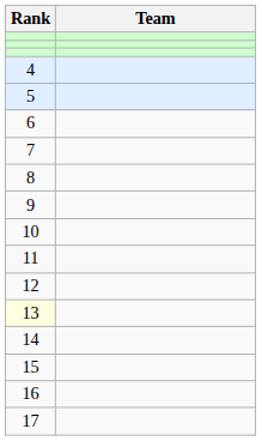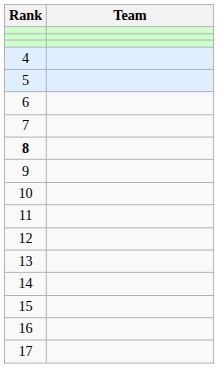 <table class="wikitable" style="text-align:center">
 <tr>
 <th width=40>Rank</th>
 <th width=180>Team</th>
 </tr>
 <tr bgcolor=#ccffcc>
 <td></td>
 <td style="text-align:left"></td>
 </tr>
 <tr bgcolor=#ccffcc>
 <td></td>
 <td style="text-align:left"></td>
 </tr>
 <tr bgcolor=#ccffcc>
 <td></td>
 <td style="text-align:left"></td>
 </tr>
 <tr bgcolor=#dfefff>
 <td>4</td>
 <td style="text-align:left"></td>
 </tr>
 <tr bgcolor=#dfefff>
 <td>5</td>
 <td style="text-align:left"></td>
 </tr>
 <tr>
 <td>6</td>
 <td style="text-align:left"></td>
 </tr>
 <tr>
 <td>7</td>
 <td style="text-align:left"></td>
 </tr>
 <tr>
-<td>8</td>
+<td><strong>8</strong></td>
 <td style="text-align:left"></td>
 </tr>
 <tr>
 <td>9</td>
 <td style="text-align:left"></td>
 </tr>
 <tr>
 <td>10</td>
 <td style="text-align:left"></td>
 </tr>
 <tr>
 <td>11</td>
 <td style="text-align:left"></td>
 </tr>
 <tr>
 <td>12</td>
 <td style="text-align:left"></td>
 </tr>
 <tr>
-<td style="background: lightyellow;">13</td>
+<td>13</td>
 <td style="text-align:left"></td>
 </tr>
 <tr>
 <td>14</td>
 <td style="text-align:left"></td>
 </tr>
 <tr>
 <td>15</td>
 <td style="text-align:left"></td>
 </tr>
 <tr>
 <td>16</td>
 <td style="text-align:left"></td>
 </tr>
 <tr>
 <td>17</td>
 <td style="text-align:left"></td>
 </tr>
 </table>
